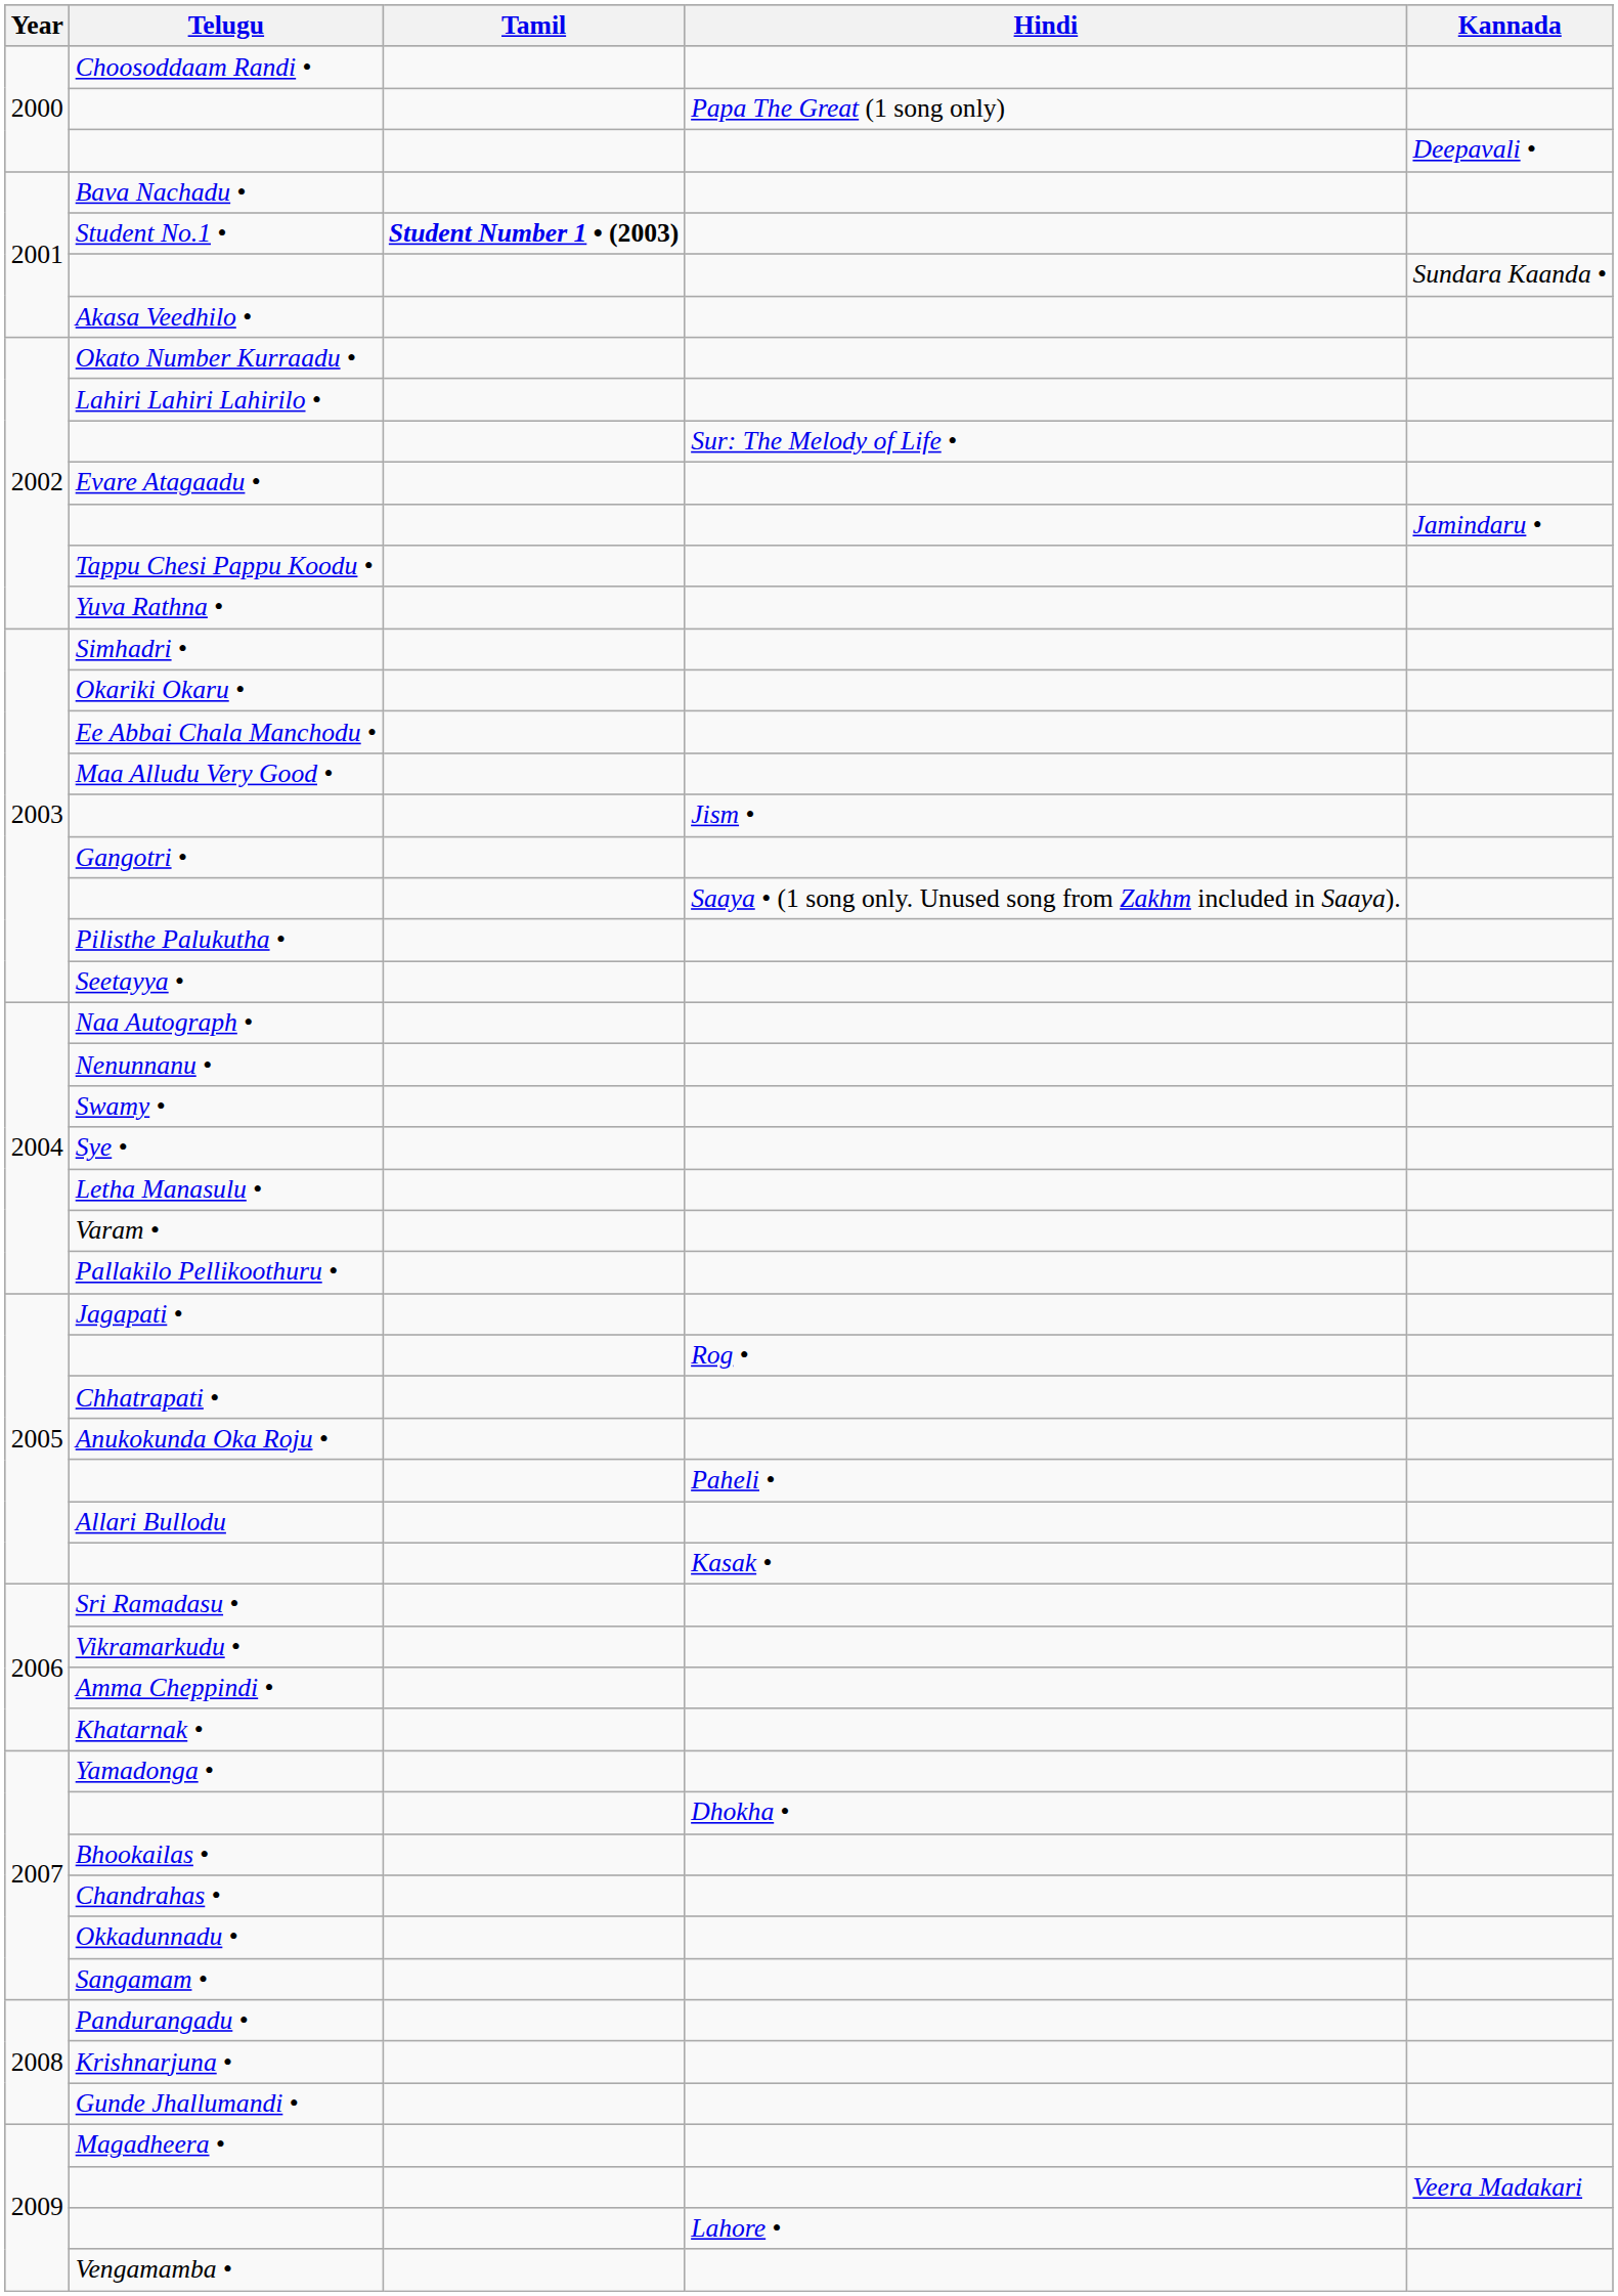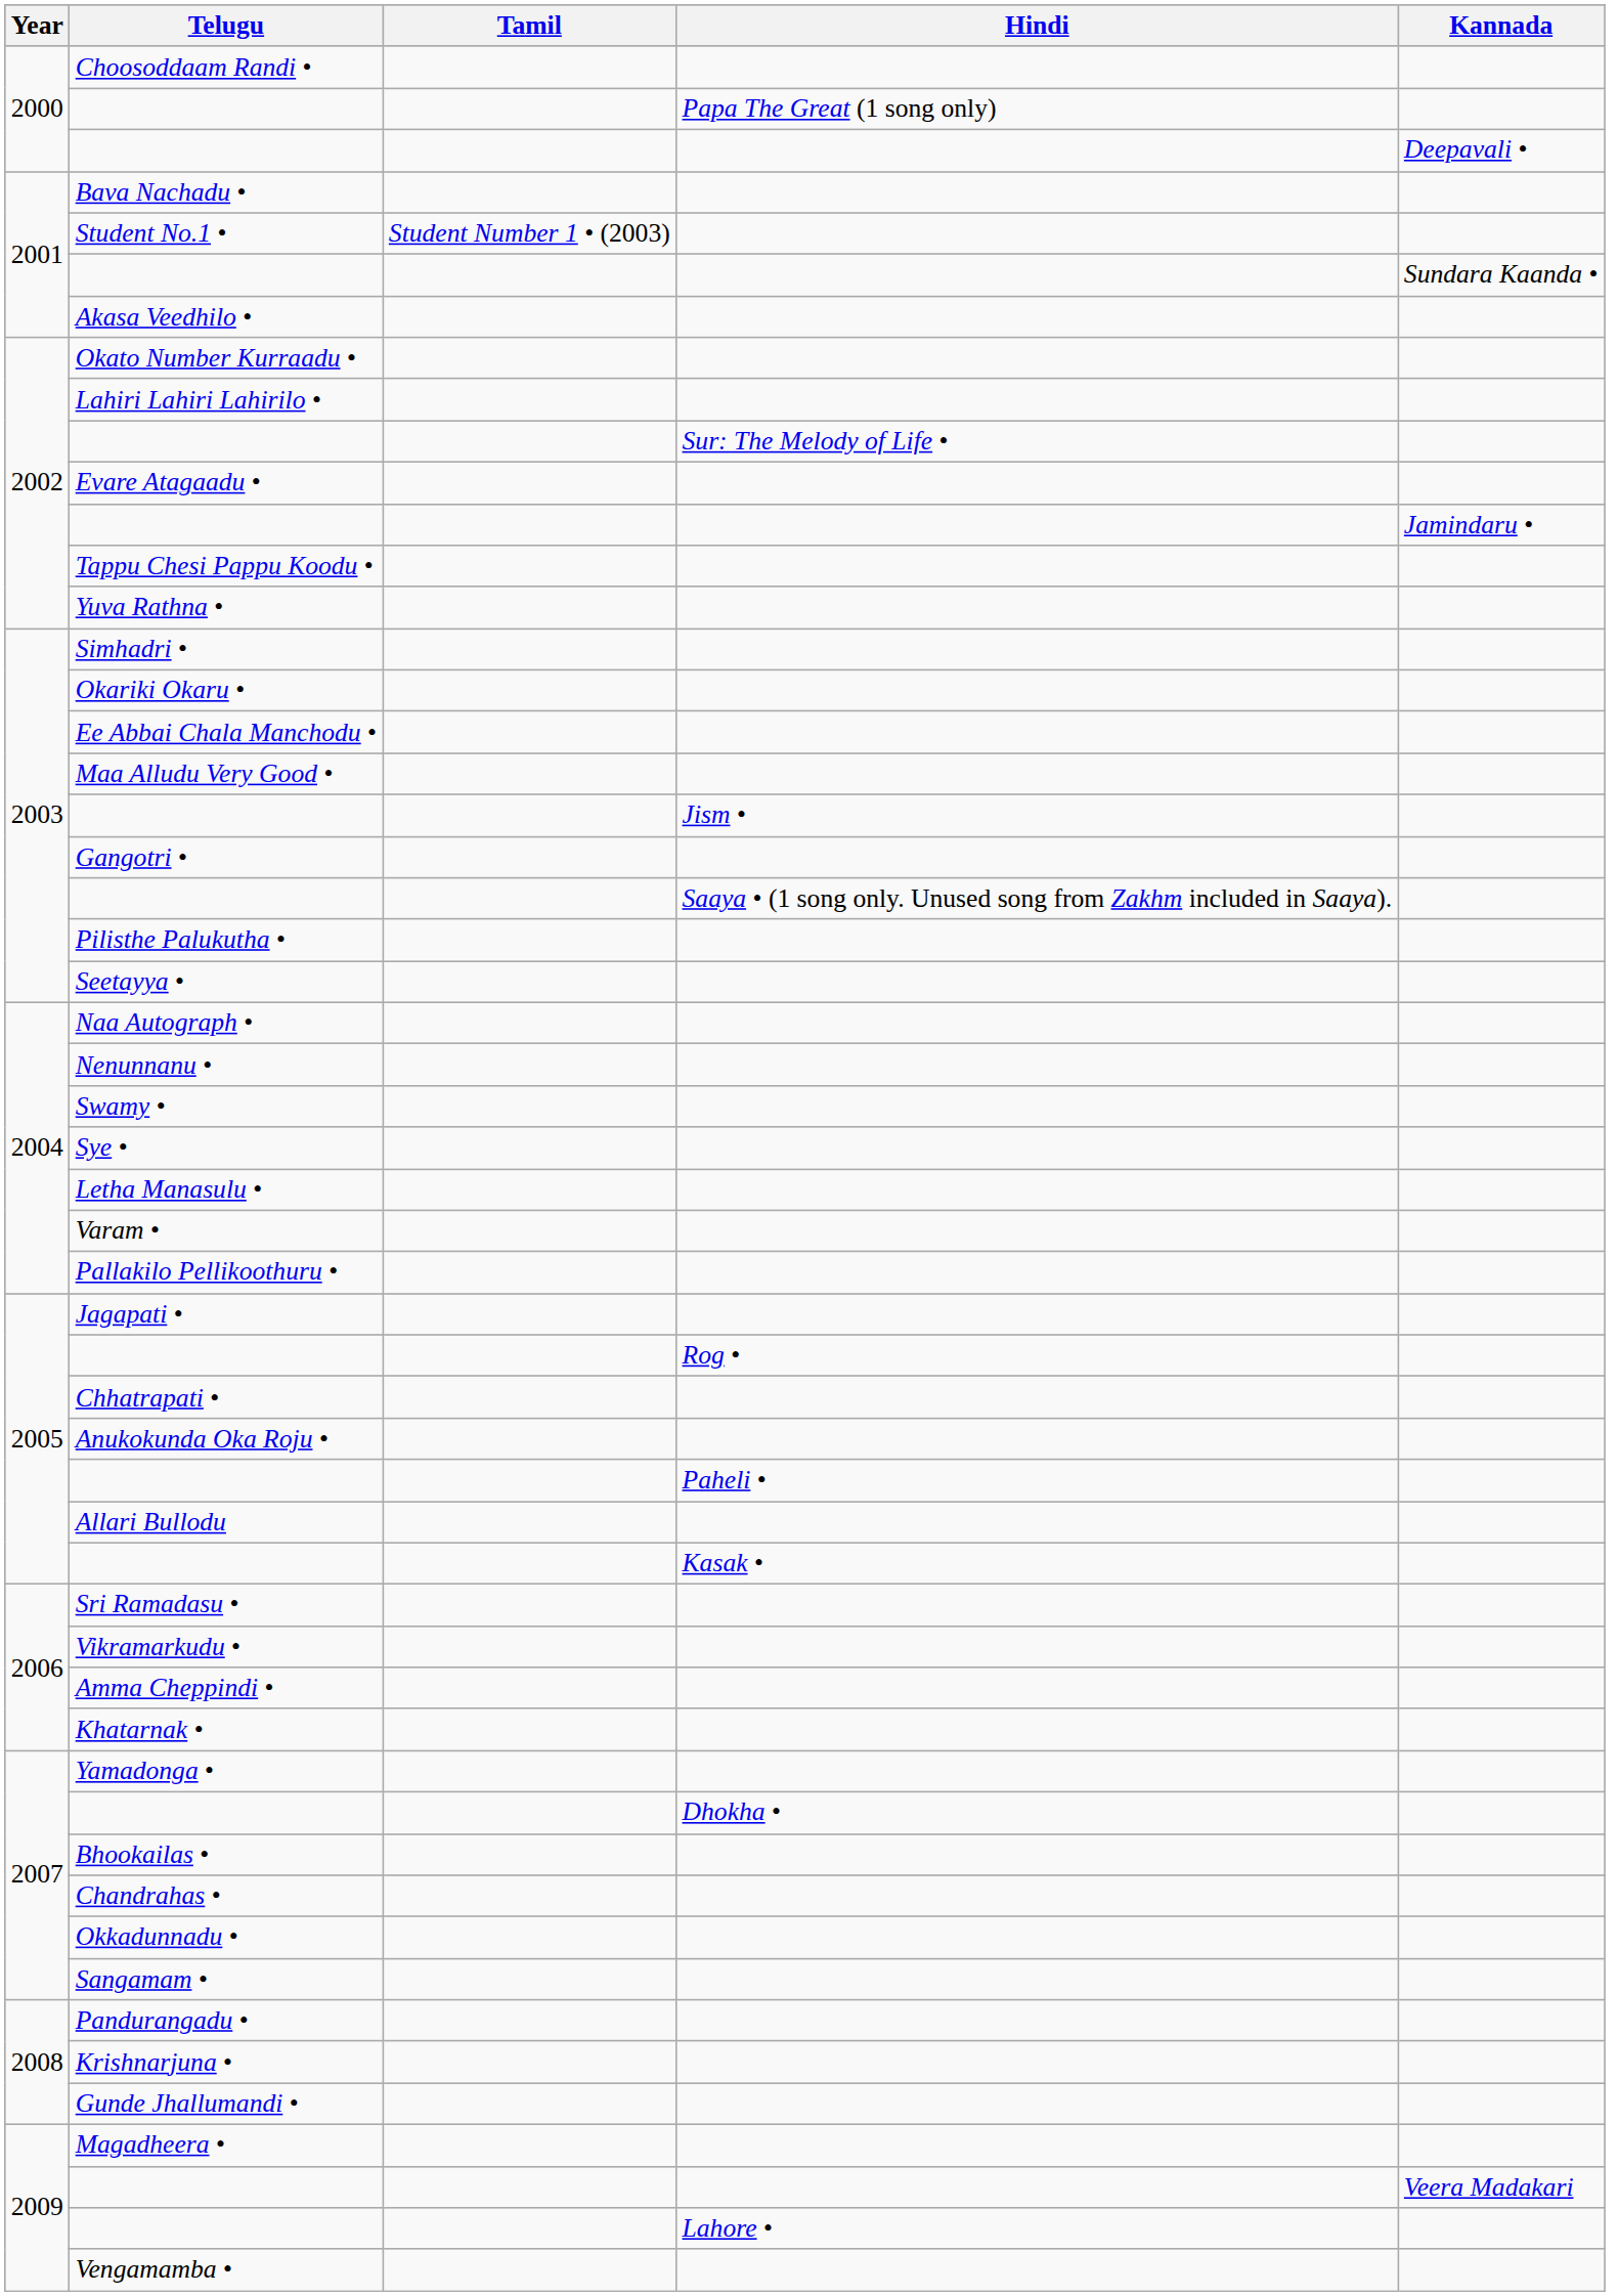 <table class="wikitable sortable">
 <tr style="background:#ccc; text-align:center;">
 <th>Year</th>
 <th><a href='#'>Telugu</a></th>
 <th><a href='#'>Tamil</a></th>
 <th><a href='#'>Hindi</a></th>
 <th><a href='#'>Kannada</a></th>
 </tr>
 <tr>
 <td rowspan="3">2000</td>
 <td><em><a href='#'>Choosoddaam Randi</a></em> •</td>
 <td></td>
 <td></td>
 <td></td>
 </tr>
 <tr>
 <td></td>
 <td></td>
 <td><em><a href='#'>Papa The Great</a></em> (1 song only)</td>
 <td></td>
 </tr>
 <tr>
 <td></td>
 <td></td>
 <td></td>
 <td><em><a href='#'>Deepavali</a></em> •</td>
 </tr>
 <tr>
 <td rowspan="4">2001</td>
 <td><em><a href='#'>Bava Nachadu</a></em> •</td>
 <td></td>
 <td></td>
 <td></td>
 </tr>
 <tr>
 <td><em><a href='#'>Student No.1</a></em> •</td>
-<td><strong><em><a href='#'>Student Number 1</a></em> • (2003)</strong></td>
+<td><em><a href='#'>Student Number 1</a></em> • (2003)</td>
 <td></td>
 <td></td>
 </tr>
 <tr>
 <td></td>
 <td></td>
 <td></td>
 <td><em>Sundara Kaanda</em> •</td>
 </tr>
 <tr>
 <td><em><a href='#'>Akasa Veedhilo</a></em> •</td>
 <td></td>
 <td></td>
 <td></td>
 </tr>
 <tr>
 <td rowspan="7">2002</td>
 <td><em><a href='#'>Okato Number Kurraadu</a></em> •</td>
 <td></td>
 <td></td>
 <td></td>
 </tr>
 <tr>
 <td><em><a href='#'>Lahiri Lahiri Lahirilo</a></em> •</td>
 <td></td>
 <td></td>
 <td></td>
 </tr>
 <tr>
 <td></td>
 <td></td>
 <td><em><a href='#'>Sur: The Melody of Life</a></em> •</td>
 <td></td>
 </tr>
 <tr>
 <td><em><a href='#'>Evare Atagaadu</a></em> •</td>
 <td></td>
 <td></td>
 <td></td>
 </tr>
 <tr>
 <td></td>
 <td></td>
 <td></td>
 <td><em><a href='#'>Jamindaru</a></em> •</td>
 </tr>
 <tr>
 <td><em><a href='#'>Tappu Chesi Pappu Koodu</a></em> •</td>
 <td></td>
 <td></td>
 <td></td>
 </tr>
 <tr>
 <td><em><a href='#'>Yuva Rathna</a></em> •</td>
 <td></td>
 <td></td>
 <td></td>
 </tr>
 <tr>
 <td rowspan="9">2003</td>
 <td><em><a href='#'>Simhadri</a></em> •</td>
 <td></td>
 <td></td>
 <td></td>
 </tr>
 <tr>
 <td><em><a href='#'>Okariki Okaru</a></em> •</td>
 <td></td>
 <td></td>
 <td></td>
 </tr>
 <tr>
 <td><em><a href='#'>Ee Abbai Chala Manchodu</a></em> •</td>
 <td></td>
 <td></td>
 <td></td>
 </tr>
 <tr>
 <td><em><a href='#'>Maa Alludu Very Good</a></em> •</td>
 <td></td>
 <td></td>
 <td></td>
 </tr>
 <tr>
 <td></td>
 <td></td>
 <td><em><a href='#'>Jism</a></em> •</td>
 <td></td>
 </tr>
 <tr>
 <td><em><a href='#'>Gangotri</a></em> •</td>
 <td></td>
 <td></td>
 <td></td>
 </tr>
 <tr>
 <td></td>
 <td></td>
 <td><em><a href='#'>Saaya</a></em> • (1 song only. Unused song from <em><a href='#'>Zakhm</a></em> included in <em>Saaya</em>).</td>
 <td></td>
 </tr>
 <tr>
 <td><em><a href='#'>Pilisthe Palukutha</a></em> •</td>
 <td></td>
 <td></td>
 <td></td>
 </tr>
 <tr>
 <td><em><a href='#'>Seetayya</a></em> •</td>
 <td></td>
 <td></td>
 <td></td>
 </tr>
 <tr>
 <td rowspan="7">2004</td>
 <td><em><a href='#'>Naa Autograph</a></em> •</td>
 <td></td>
 <td></td>
 <td></td>
 </tr>
 <tr>
 <td><em><a href='#'>Nenunnanu</a></em> •</td>
 <td></td>
 <td></td>
 <td></td>
 </tr>
 <tr>
 <td><em><a href='#'>Swamy</a></em> •</td>
 <td></td>
 <td></td>
 <td></td>
 </tr>
 <tr>
 <td><em><a href='#'>Sye</a></em> •</td>
 <td></td>
 <td></td>
 <td></td>
 </tr>
 <tr>
 <td><em><a href='#'>Letha Manasulu</a></em> •</td>
 <td></td>
 <td></td>
 <td></td>
 </tr>
 <tr>
 <td><em>Varam</em> •</td>
 <td></td>
 <td></td>
 <td></td>
 </tr>
 <tr>
 <td><em><a href='#'>Pallakilo Pellikoothuru</a></em> •</td>
 <td></td>
 <td></td>
 <td></td>
 </tr>
 <tr>
 <td rowspan="7">2005</td>
 <td><em><a href='#'>Jagapati</a></em> •</td>
 <td></td>
 <td></td>
 <td></td>
 </tr>
 <tr>
 <td></td>
 <td></td>
 <td><em><a href='#'>Rog</a></em> •</td>
 <td></td>
 </tr>
 <tr>
 <td><em><a href='#'>Chhatrapati</a></em> •</td>
 <td></td>
 <td></td>
 <td></td>
 </tr>
 <tr>
 <td><em><a href='#'>Anukokunda Oka Roju</a></em> •</td>
 <td></td>
 <td></td>
 <td></td>
 </tr>
 <tr>
 <td></td>
 <td></td>
 <td><em><a href='#'>Paheli</a></em> •</td>
 <td></td>
 </tr>
 <tr>
 <td><em><a href='#'>Allari Bullodu</a></em></td>
 <td></td>
 <td></td>
 <td></td>
 </tr>
 <tr>
 <td></td>
 <td></td>
 <td><em><a href='#'>Kasak</a></em> •</td>
 <td></td>
 </tr>
 <tr>
 <td rowspan="4">2006</td>
 <td><em><a href='#'>Sri Ramadasu</a></em> •</td>
 <td></td>
 <td></td>
 <td></td>
 </tr>
 <tr>
 <td><em><a href='#'>Vikramarkudu</a></em> •</td>
 <td></td>
 <td></td>
 <td></td>
 </tr>
 <tr>
 <td><em><a href='#'>Amma Cheppindi</a></em> •</td>
 <td></td>
 <td></td>
 <td></td>
 </tr>
 <tr>
 <td><em><a href='#'>Khatarnak</a></em> •</td>
 <td></td>
 <td></td>
 <td></td>
 </tr>
 <tr>
 <td rowspan="6">2007</td>
 <td><em><a href='#'>Yamadonga</a></em> •</td>
 <td></td>
 <td></td>
 <td></td>
 </tr>
 <tr>
 <td></td>
 <td></td>
 <td><em><a href='#'>Dhokha</a></em> •</td>
 <td></td>
 </tr>
 <tr>
 <td><em><a href='#'>Bhookailas</a></em> •</td>
 <td></td>
 <td></td>
 <td></td>
 </tr>
 <tr>
 <td><em><a href='#'>Chandrahas</a></em> •</td>
 <td></td>
 <td></td>
 <td></td>
 </tr>
 <tr>
 <td><em><a href='#'>Okkadunnadu</a></em> •</td>
 <td></td>
 <td></td>
 <td></td>
 </tr>
 <tr>
 <td><em><a href='#'>Sangamam</a></em> •</td>
 <td></td>
 <td></td>
 <td></td>
 </tr>
 <tr>
 <td rowspan="3">2008</td>
 <td><em><a href='#'>Pandurangadu</a></em> •</td>
 <td></td>
 <td></td>
 <td></td>
 </tr>
 <tr>
 <td><em><a href='#'>Krishnarjuna</a></em> •</td>
 <td></td>
 <td></td>
 <td></td>
 </tr>
 <tr>
 <td><em><a href='#'>Gunde Jhallumandi</a></em> •</td>
 <td></td>
 <td></td>
 <td></td>
 </tr>
 <tr>
 <td rowspan="4">2009</td>
 <td><em><a href='#'>Magadheera</a></em> •</td>
 <td></td>
 <td></td>
 <td></td>
 </tr>
 <tr>
 <td></td>
 <td></td>
 <td></td>
 <td><em><a href='#'>Veera Madakari</a></em></td>
 </tr>
 <tr>
 <td></td>
 <td></td>
 <td><em><a href='#'>Lahore</a></em> •</td>
 <td></td>
 </tr>
 <tr>
 <td><em>Vengamamba</em> •</td>
 <td></td>
 <td></td>
 <td></td>
 </tr>
 </table>
